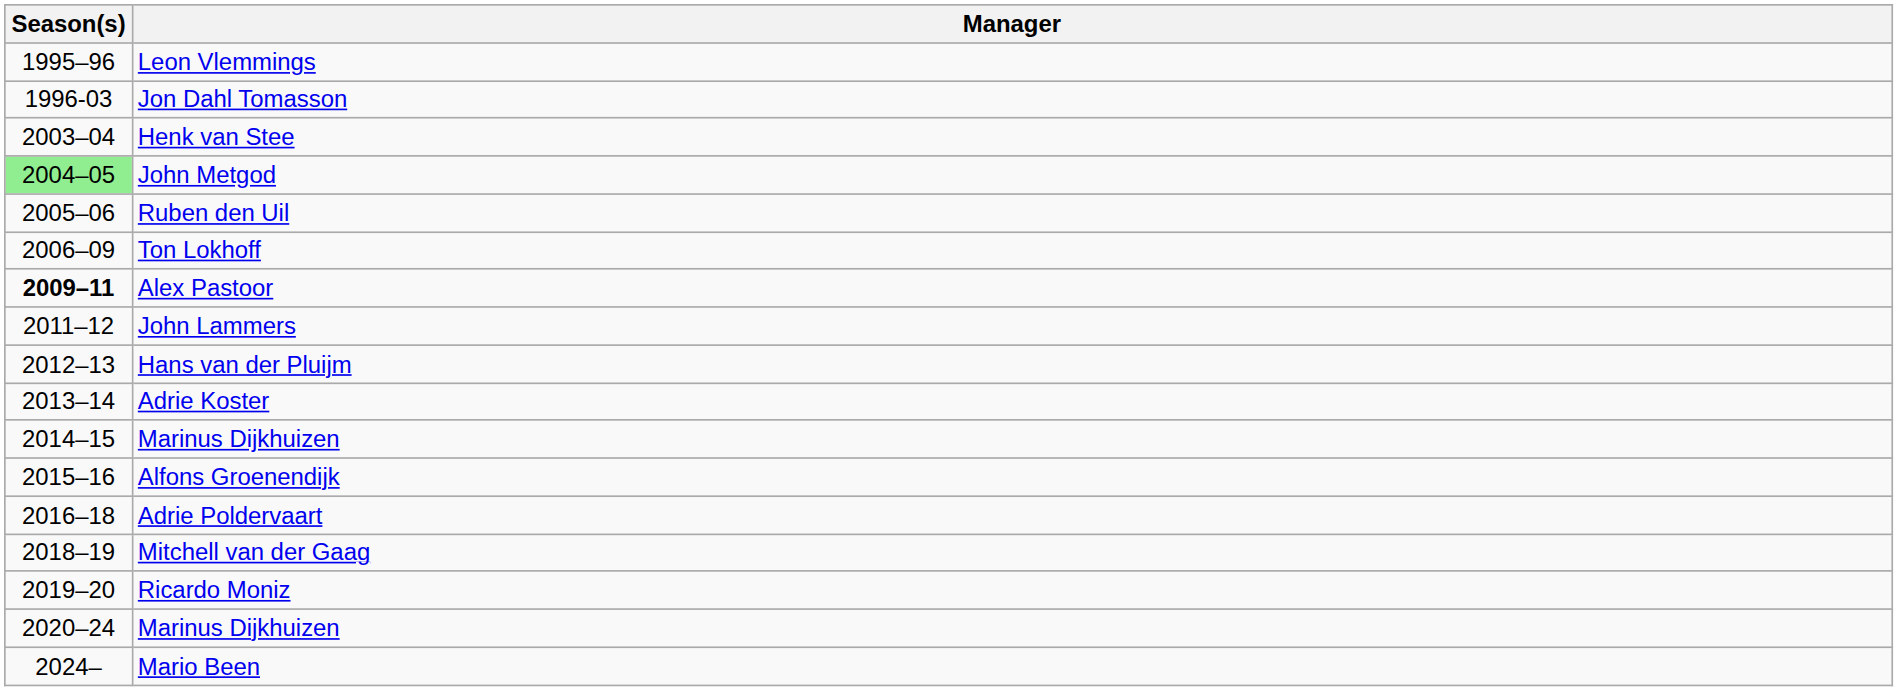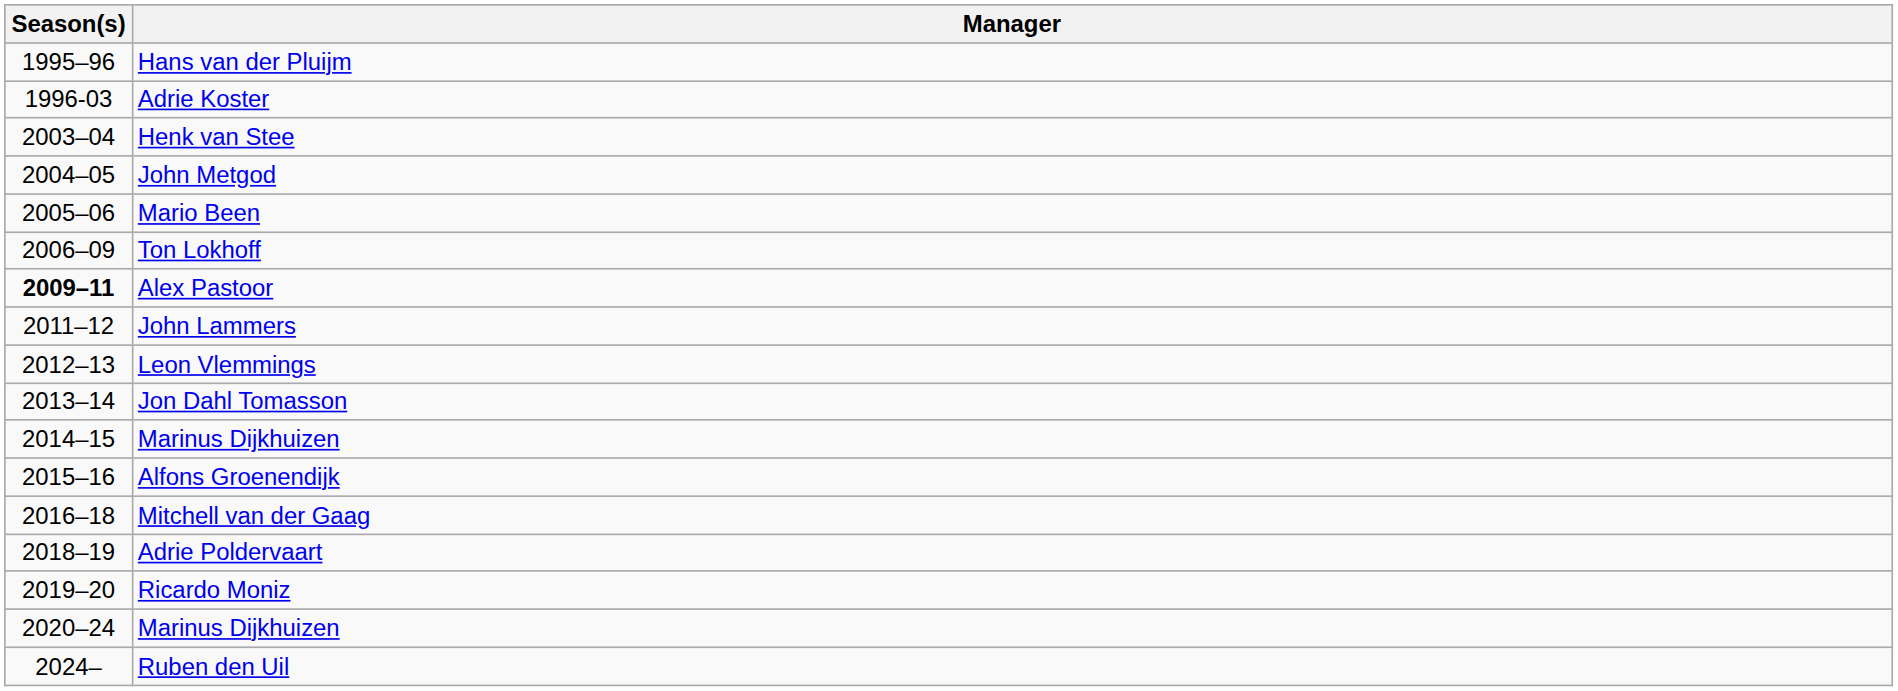 <table class="wikitable" width="90%" style="font-size: 90%">
 <tr>
 <th width="70">Season(s)</th>
 <th>Manager</th>
 </tr>
 <tr>
 <td align="center">1995–96</td>
-<td> <a href='#'>Leon Vlemmings</a></td>
+<td> <a href='#'>Hans van der Pluijm</a></td>
 </tr>
 <tr>
 <td align="center">1996-03</td>
-<td> <a href='#'>Jon Dahl Tomasson</a></td>
+<td> <a href='#'>Adrie Koster</a></td>
 </tr>
 <tr>
 <td align="center">2003–04</td>
 <td> <a href='#'>Henk van Stee</a></td>
 </tr>
 <tr>
-<td align="center" style="background: lightgreen;">2004–05</td>
+<td align="center">2004–05</td>
 <td> <a href='#'>John Metgod</a></td>
 </tr>
 <tr>
 <td align="center">2005–06</td>
-<td> <a href='#'>Ruben den Uil</a></td>
+<td> <a href='#'>Mario Been</a></td>
 </tr>
 <tr>
 <td align="center">2006–09</td>
 <td> <a href='#'>Ton Lokhoff</a></td>
 </tr>
 <tr>
 <td align="center"><strong>2009–11</strong></td>
 <td> <a href='#'>Alex Pastoor</a></td>
 </tr>
 <tr>
 <td align="center">2011–12</td>
 <td> <a href='#'>John Lammers</a></td>
 </tr>
 <tr>
 <td align="center">2012–13</td>
-<td> <a href='#'>Hans van der Pluijm</a></td>
+<td> <a href='#'>Leon Vlemmings</a></td>
 </tr>
 <tr>
 <td align="center">2013–14</td>
-<td> <a href='#'>Adrie Koster</a></td>
+<td> <a href='#'>Jon Dahl Tomasson</a></td>
 </tr>
 <tr>
 <td align="center">2014–15</td>
 <td> <a href='#'>Marinus Dijkhuizen</a></td>
 </tr>
 <tr>
 <td align="center">2015–16</td>
 <td> <a href='#'>Alfons Groenendijk</a></td>
 </tr>
 <tr>
 <td align="center">2016–18</td>
-<td> <a href='#'>Adrie Poldervaart</a></td>
+<td> <a href='#'>Mitchell van der Gaag</a></td>
 </tr>
 <tr>
 <td align="center">2018–19</td>
-<td> <a href='#'>Mitchell van der Gaag</a></td>
+<td> <a href='#'>Adrie Poldervaart</a></td>
 </tr>
 <tr>
 <td align="center">2019–20</td>
 <td> <a href='#'>Ricardo Moniz</a></td>
 </tr>
 <tr>
 <td align="center">2020–24</td>
 <td> <a href='#'>Marinus Dijkhuizen</a></td>
 </tr>
 <tr>
 <td align="center">2024–</td>
-<td> <a href='#'>Mario Been</a></td>
+<td> <a href='#'>Ruben den Uil</a></td>
 </tr>
 </table>
